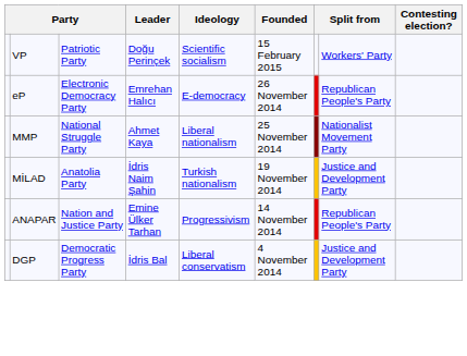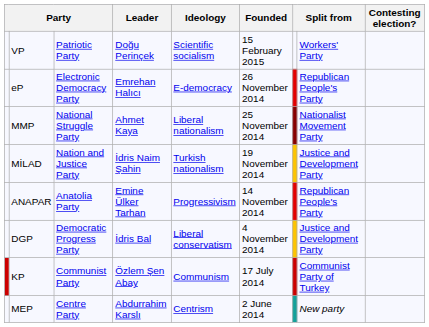 <table class="wikitable" style="border:1px solid #8888aa; background:#f7f8ff; padding:0; font-size:90%;">
 <tr>
 <th colspan="3">Party</th>
 <th>Leader</th>
 <th>Ideology</th>
 <th>Founded</th>
 <th colspan="2">Split from</th>
 <th>Contesting election?</th>
 </tr>
 <tr>
 <td style="background: "></td>
 <td>VP</td>
 <td><a href='#'>Patriotic Party</a></td>
 <td><a href='#'>Doğu Perinçek</a></td>
 <td><a href='#'>Scientific socialism</a></td>
 <td>15 February 2015</td>
 <td style="background: "></td>
 <td><a href='#'>Workers' Party</a></td>
 <td></td>
 </tr>
 <tr>
 <td style="background: "></td>
 <td>eP</td>
 <td><a href='#'>Electronic Democracy Party</a></td>
 <td><a href='#'>Emrehan Halıcı</a></td>
 <td><a href='#'>E-democracy</a></td>
 <td>26 November 2014</td>
 <td style="background: #e30000"></td>
 <td><a href='#'>Republican People's Party</a></td>
 <td></td>
 </tr>
 <tr>
 <td style="background: "></td>
 <td>MMP</td>
 <td><a href='#'>National Struggle Party</a></td>
 <td><a href='#'>Ahmet Kaya</a></td>
 <td><a href='#'>Liberal nationalism</a></td>
 <td>25 November 2014</td>
 <td style="background: #870000"></td>
 <td><a href='#'>Nationalist Movement Party</a></td>
 <td></td>
 </tr>
 <tr>
 <td style="background: "></td>
 <td>MİLAD</td>
-<td><a href='#'>Anatolia Party</a></td>
+<td><a href='#'>Nation and Justice Party</a></td>
 <td><a href='#'>İdris Naim Şahin</a></td>
 <td><a href='#'>Turkish nationalism</a></td>
 <td>19 November 2014</td>
 <td style="background: #fdc400"></td>
 <td><a href='#'>Justice and Development Party</a></td>
 <td></td>
 </tr>
 <tr>
 <td style="background: "></td>
 <td>ANAPAR</td>
-<td><a href='#'>Nation and Justice Party</a></td>
+<td><a href='#'>Anatolia Party</a></td>
 <td><a href='#'>Emine Ülker Tarhan</a></td>
 <td><a href='#'>Progressivism</a></td>
 <td>14 November 2014</td>
 <td style="background: #e30000"></td>
 <td><a href='#'>Republican People's Party</a></td>
 <td></td>
 </tr>
 <tr>
 <td style="background: "></td>
 <td>DGP</td>
 <td><a href='#'>Democratic Progress Party</a></td>
 <td><a href='#'>İdris Bal</a></td>
 <td><a href='#'>Liberal conservatism</a></td>
 <td>4 November 2014</td>
 <td style="background: #fdc400"></td>
 <td><a href='#'>Justice and Development Party</a></td>
 <td></td>
 </tr>
+<tr>
+<td style="background:#c00;"></td>
+<td>KP</td>
+<td><a href='#'>Communist Party</a></td>
+<td><a href='#'>Özlem Şen Abay</a></td>
+<td><a href='#'>Communism</a></td>
+<td>17 July 2014</td>
+<td style="background:#c00;"></td>
+<td><a href='#'>Communist Party of Turkey</a></td>
+<td></td>
+</tr>
+<tr>
+<td style="background: "></td>
+<td>MEP</td>
+<td><a href='#'>Centre Party</a></td>
+<td><a href='#'>Abdurrahim Karslı</a></td>
+<td><a href='#'>Centrism</a></td>
+<td>2 June 2014</td>
+<td style="background: #12A19A"></td>
+<td><em>New party</em></td>
+<td></td>
+</tr>
 </table>
